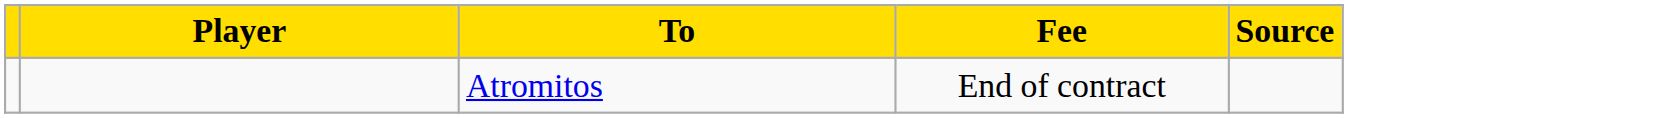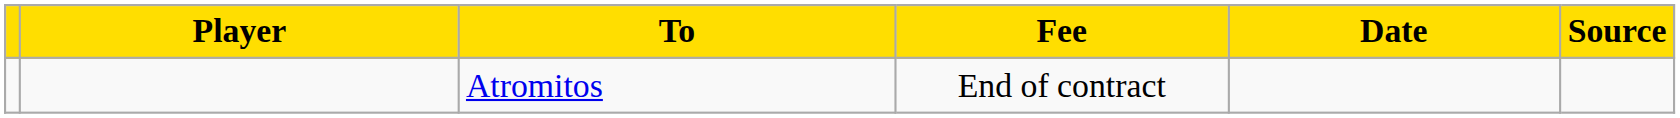 <table class="wikitable sortable">
 <tr>
 <th style="background:#FFDE00"></th>
 <th width=200 style="background:#FFDE00">Player</th>
 <th width=200 style="background:#FFDE00">To</th>
 <th width=150 style="background:#FFDE00">Fee</th>
+<th width=150 style="background:#FFDE00">Date</th>
 <th style="background:#FFDE00">Source</th>
 </tr>
 <tr>
 <td align=center></td>
 <td></td>
 <td> <a href='#'>Atromitos</a></td>
 <td align=center>End of contract</td>
 <td align=center></td>
+<td align=center></td>
 </tr>
 </table>
